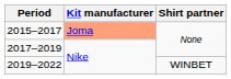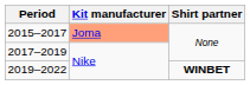 <table class="wikitable" style="text-align: center">
 <tr>
 <th>Period</th>
 <th><a href='#'>Kit</a> manufacturer</th>
 <th>Shirt partner</th>
 </tr>
 <tr>
 <td>2015–2017</td>
 <td style="background: lightsalmon; text-align:Left;"> <a href='#'>Joma</a></td>
 <td align="center" rowspan=2><small><em>None</em></small></td>
 </tr>
 <tr>
 <td>2017–2019</td>
 <td align="left" rowspan=2> <a href='#'>Nike</a></td>
 </tr>
 <tr>
 <td>2019–2022</td>
-<td align="center" rowspan=1>WINBET</td>
+<td align="center" rowspan=1><strong>WINBET</strong></td>
 </tr>
 </table>
